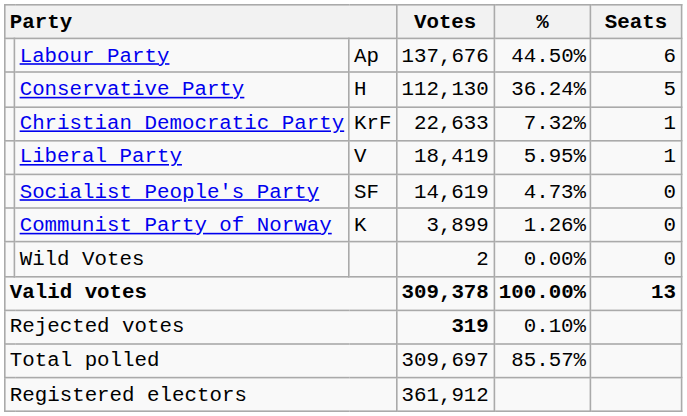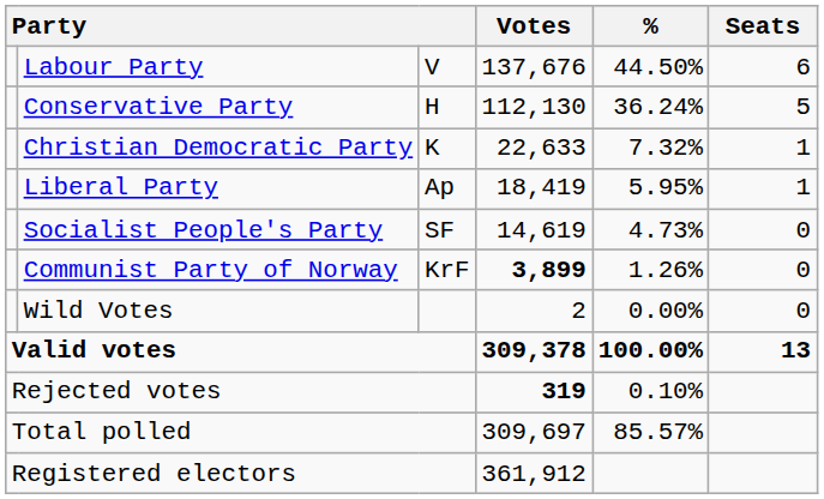 <table class="wikitable" border="1" style="text-align:right;">
 <tr>
 <th style="text-align:left;" colspan=3>Party</th>
 <th align=center width="50">Votes</th>
 <th align=center width="50">%</th>
 <th align=center width="50">Seats</th>
 </tr>
 <tr>
 <td style="color:inherit;background:"></td>
 <td align=left><a href='#'>Labour Party</a></td>
-<td align=left>Ap</td>
+<td align=left>V</td>
 <td>137,676</td>
 <td>44.50%</td>
 <td>6</td>
 </tr>
 <tr>
 <td style="color:inherit;background:"></td>
 <td align=left><a href='#'>Conservative Party</a></td>
 <td align=left>H</td>
 <td>112,130</td>
 <td>36.24%</td>
 <td>5</td>
 </tr>
 <tr>
 <td style="color:inherit;background:"></td>
 <td align=left><a href='#'>Christian Democratic Party</a></td>
-<td align=left>KrF</td>
+<td align=left>K</td>
 <td>22,633</td>
 <td>7.32%</td>
 <td>1</td>
 </tr>
 <tr>
 <td style="color:inherit;background:"></td>
 <td align=left><a href='#'>Liberal Party</a></td>
-<td align=left>V</td>
+<td align=left>Ap</td>
 <td>18,419</td>
 <td>5.95%</td>
 <td>1</td>
 </tr>
 <tr>
 <td style="color:inherit;background:"></td>
 <td align=left><a href='#'>Socialist People's Party</a></td>
 <td align=left>SF</td>
 <td>14,619</td>
 <td>4.73%</td>
 <td>0</td>
 </tr>
 <tr>
 <td style="color:inherit;background:"></td>
 <td align=left><a href='#'>Communist Party of Norway</a></td>
-<td align=left>K</td>
-<td>3,899</td>
+<td align=left>KrF</td>
+<td><strong>3,899</strong></td>
 <td>1.26%</td>
 <td>0</td>
 </tr>
 <tr>
 <td></td>
 <td align=left>Wild Votes</td>
 <td align=left></td>
 <td>2</td>
 <td>0.00%</td>
 <td>0</td>
 </tr>
 <tr style="font-weight:bold">
 <td align=left colspan=3>Valid votes</td>
 <td>309,378</td>
 <td>100.00%</td>
 <td>13</td>
 </tr>
 <tr>
 <td align=left colspan=3>Rejected votes</td>
 <td><strong>319</strong></td>
 <td>0.10%</td>
 <td></td>
 </tr>
 <tr>
 <td align=left colspan=3>Total polled</td>
 <td>309,697</td>
 <td>85.57%</td>
 <td></td>
 </tr>
 <tr>
 <td align=left colspan=3>Registered electors</td>
 <td>361,912</td>
 <td></td>
 <td></td>
 </tr>
 </table>
